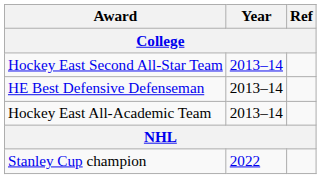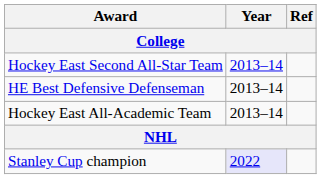 <table class="wikitable">
 <tr>
 <th>Award</th>
 <th>Year</th>
 <th>Ref</th>
 </tr>
 <tr>
 <th colspan="3"><a href='#'>College</a></th>
 </tr>
 <tr>
 <td><a href='#'>Hockey East Second All-Star Team</a></td>
 <td><a href='#'>2013–14</a></td>
 <td></td>
 </tr>
 <tr>
 <td><a href='#'>HE Best Defensive Defenseman</a></td>
 <td>2013–14</td>
 <td></td>
 </tr>
 <tr>
 <td>Hockey East All-Academic Team</td>
 <td>2013–14</td>
 <td></td>
 </tr>
 <tr>
 <th colspan="3"><a href='#'>NHL</a></th>
 </tr>
 <tr>
 <td><a href='#'>Stanley Cup</a> champion</td>
-<td><a href='#'>2022</a></td>
+<td style="background: lavender;"><a href='#'>2022</a></td>
 <td></td>
 </tr>
 </table>
